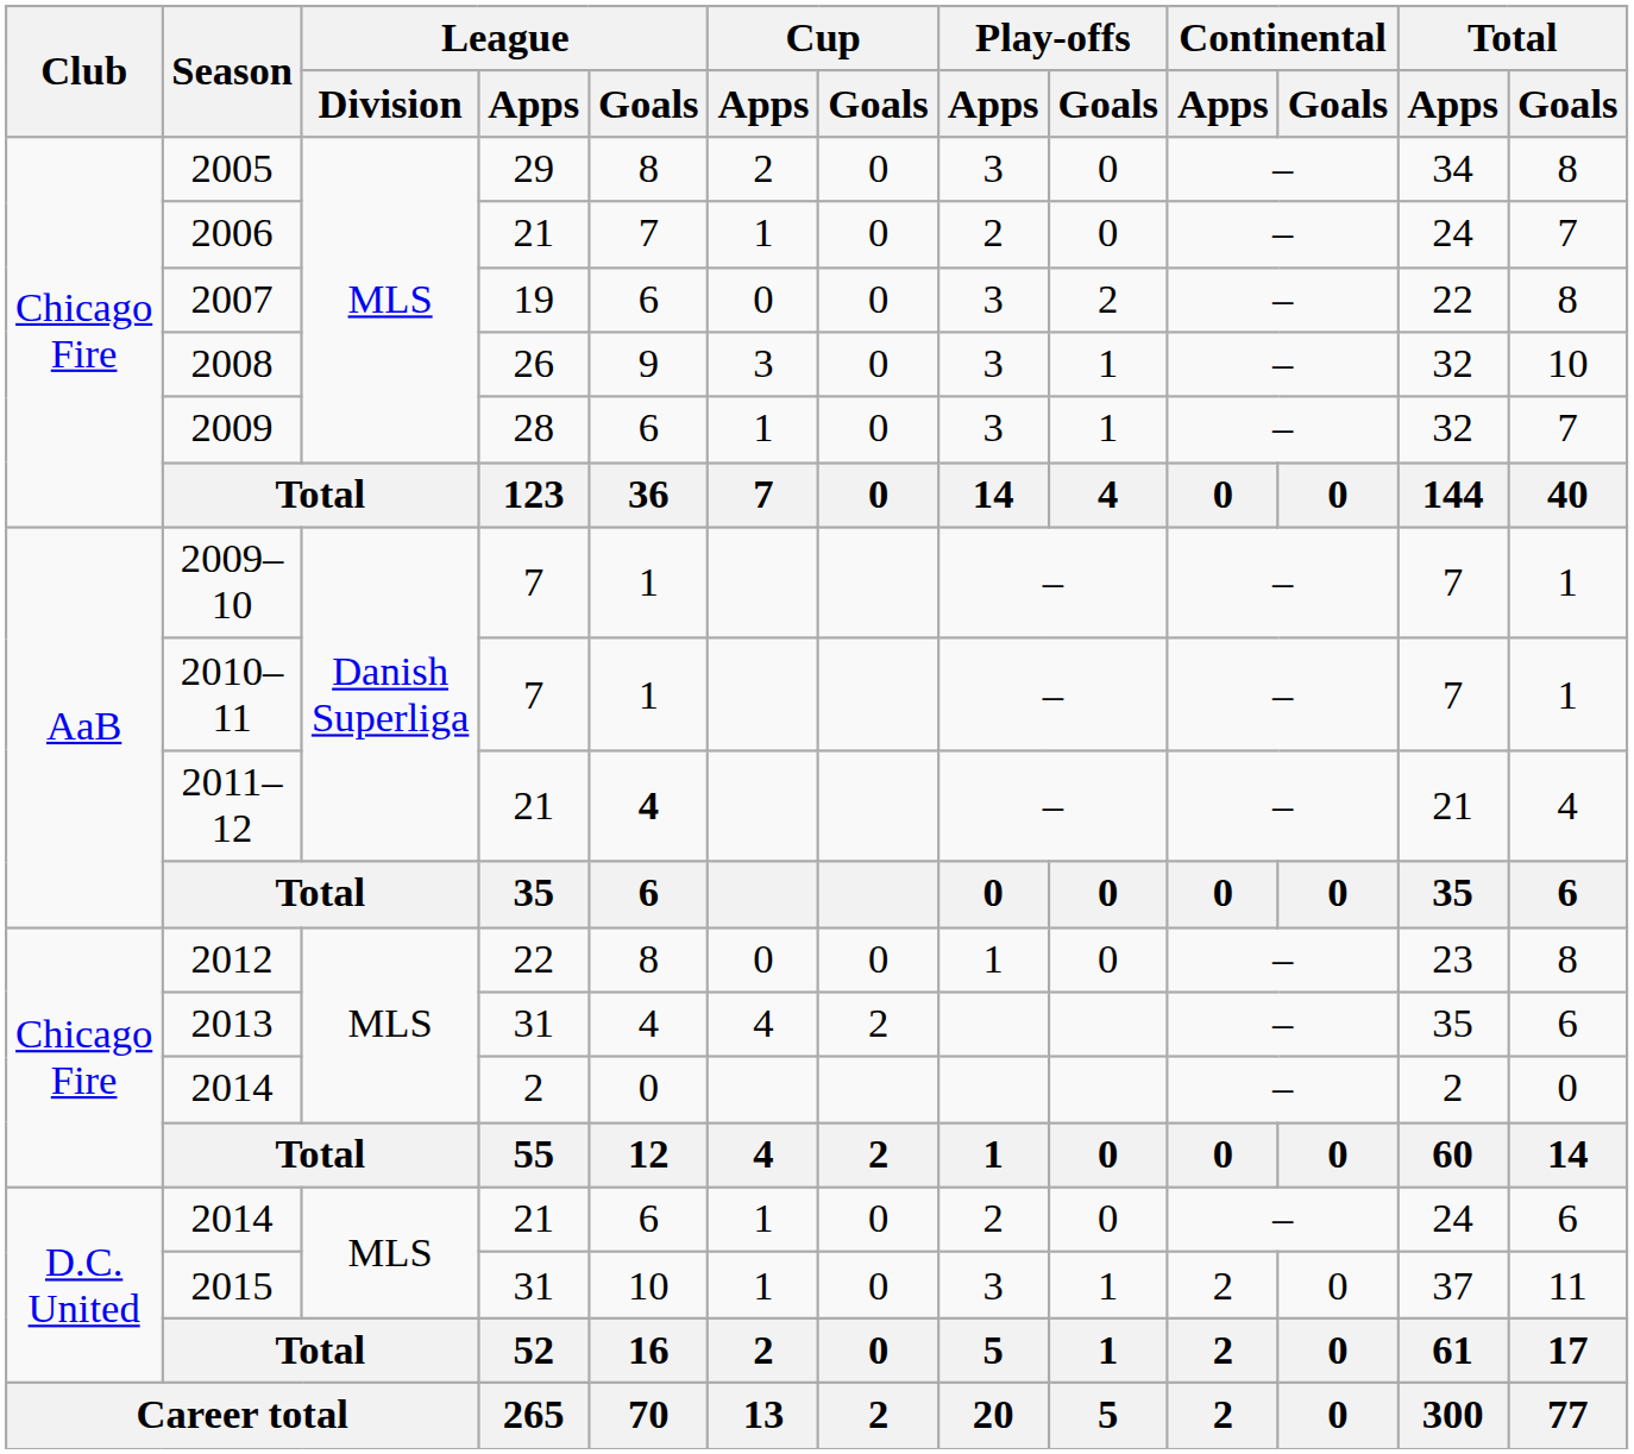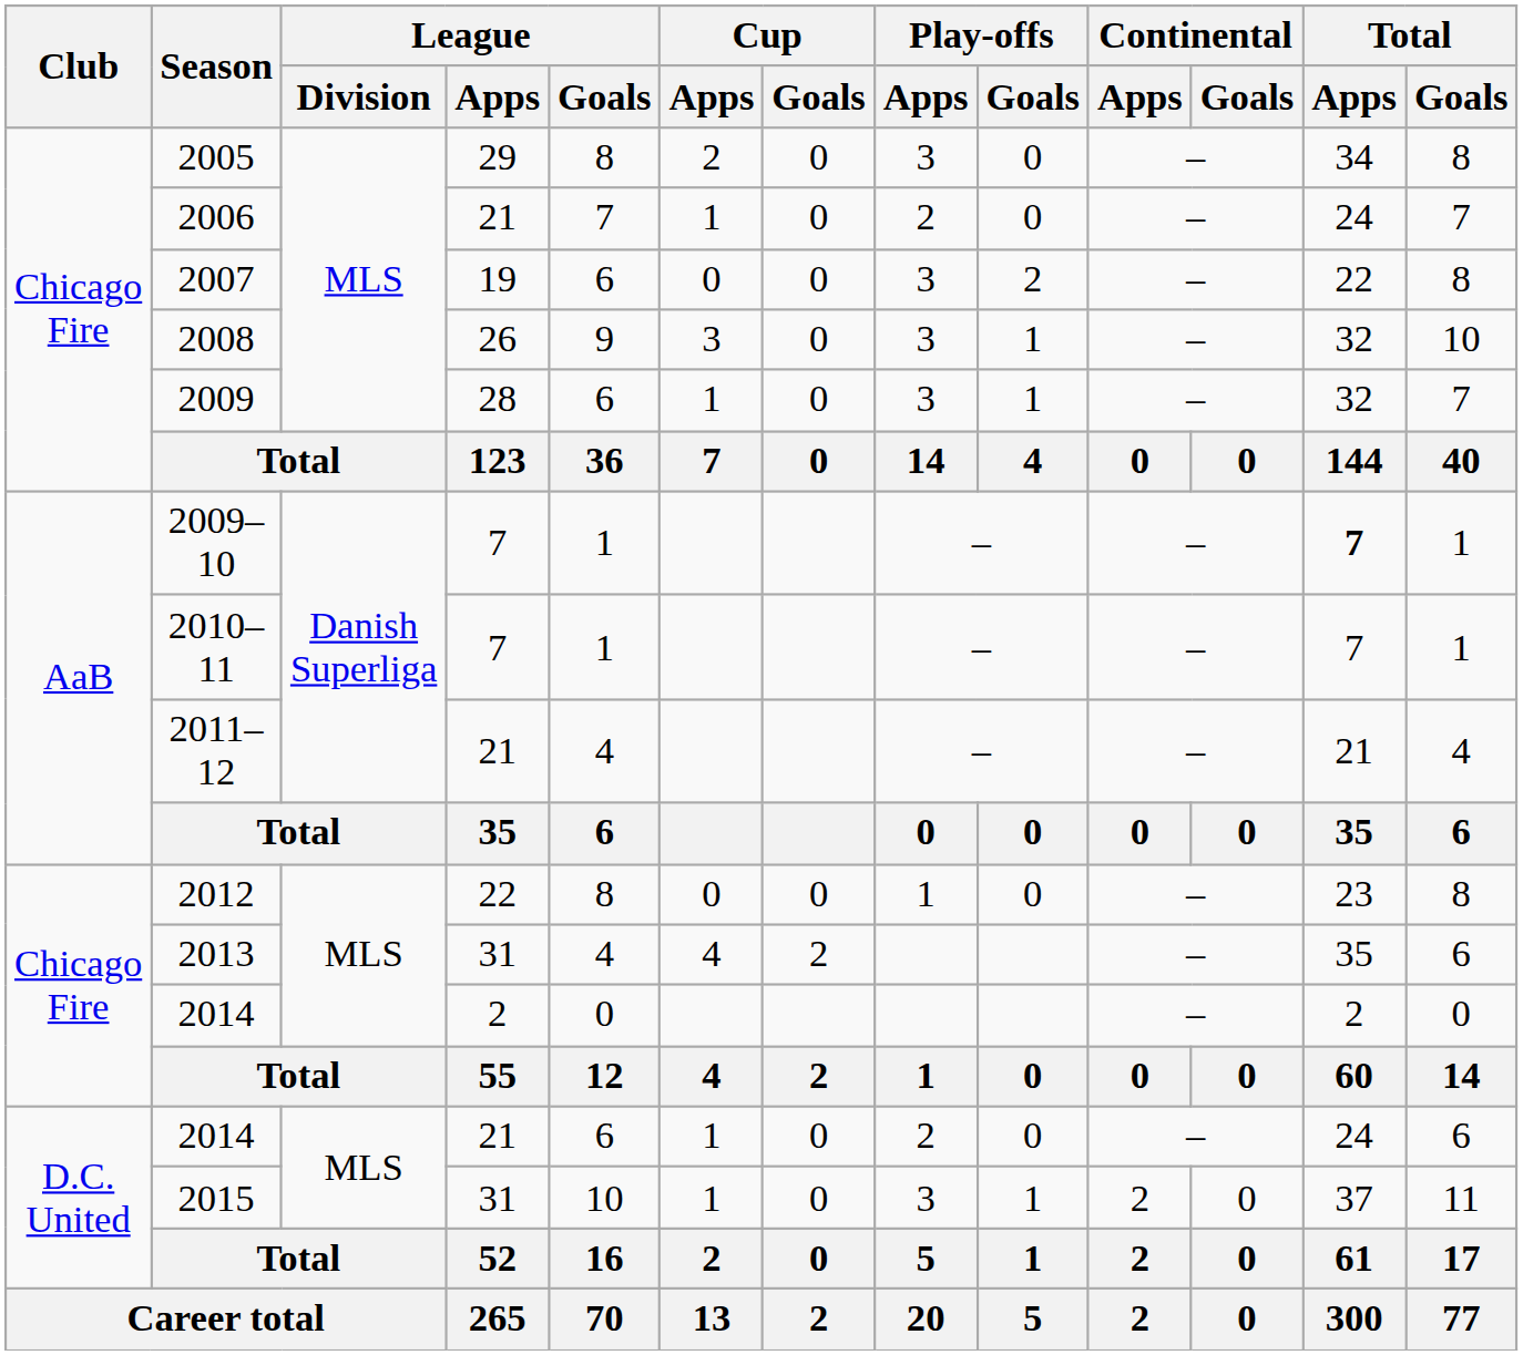 <table class="wikitable" style="text-align:center">
 <tr>
 <th rowspan="2">Club</th>
 <th rowspan="2">Season</th>
 <th colspan="3">League</th>
 <th colspan="2">Cup</th>
 <th colspan="2">Play-offs</th>
 <th colspan="2">Continental</th>
 <th colspan="2">Total</th>
 </tr>
 <tr>
 <th>Division</th>
 <th>Apps</th>
 <th>Goals</th>
 <th>Apps</th>
 <th>Goals</th>
 <th>Apps</th>
 <th>Goals</th>
 <th>Apps</th>
 <th>Goals</th>
 <th>Apps</th>
 <th>Goals</th>
 </tr>
 <tr>
 <td rowspan="6"><a href='#'>Chicago Fire</a></td>
 <td>2005</td>
 <td rowspan="5"><a href='#'>MLS</a></td>
 <td>29</td>
 <td>8</td>
 <td>2</td>
 <td>0</td>
 <td>3</td>
 <td>0</td>
 <td colspan="2">–</td>
 <td>34</td>
 <td>8</td>
 </tr>
 <tr>
 <td>2006</td>
 <td>21</td>
 <td>7</td>
 <td>1</td>
 <td>0</td>
 <td>2</td>
 <td>0</td>
 <td colspan="2">–</td>
 <td>24</td>
 <td>7</td>
 </tr>
 <tr>
 <td>2007</td>
 <td>19</td>
 <td>6</td>
 <td>0</td>
 <td>0</td>
 <td>3</td>
 <td>2</td>
 <td colspan="2">–</td>
 <td>22</td>
 <td>8</td>
 </tr>
 <tr>
 <td>2008</td>
 <td>26</td>
 <td>9</td>
 <td>3</td>
 <td>0</td>
 <td>3</td>
 <td>1</td>
 <td colspan="2">–</td>
 <td>32</td>
 <td>10</td>
 </tr>
 <tr>
 <td>2009</td>
 <td>28</td>
 <td>6</td>
 <td>1</td>
 <td>0</td>
 <td>3</td>
 <td>1</td>
 <td colspan="2">–</td>
 <td>32</td>
 <td>7</td>
 </tr>
 <tr>
 <th colspan="2">Total</th>
 <th>123</th>
 <th>36</th>
 <th>7</th>
 <th>0</th>
 <th>14</th>
 <th>4</th>
 <th>0</th>
 <th>0</th>
 <th>144</th>
 <th>40</th>
 </tr>
 <tr>
 <td rowspan="4"><a href='#'>AaB</a></td>
 <td>2009–10</td>
 <td rowspan="3"><a href='#'>Danish Superliga</a></td>
 <td>7</td>
 <td>1</td>
 <td></td>
 <td></td>
 <td colspan="2">–</td>
 <td colspan="2">–</td>
-<td>7</td>
+<td><strong>7</strong></td>
 <td>1</td>
 </tr>
 <tr>
 <td>2010–11</td>
 <td>7</td>
 <td>1</td>
 <td></td>
 <td></td>
 <td colspan="2">–</td>
 <td colspan="2">–</td>
 <td>7</td>
 <td>1</td>
 </tr>
 <tr>
 <td>2011–12</td>
 <td>21</td>
-<td><strong>4</strong></td>
+<td>4</td>
 <td></td>
 <td></td>
 <td colspan="2">–</td>
 <td colspan="2">–</td>
 <td>21</td>
 <td>4</td>
 </tr>
 <tr>
 <th colspan="2">Total</th>
 <th>35</th>
 <th>6</th>
 <th></th>
 <th></th>
 <th>0</th>
 <th>0</th>
 <th>0</th>
 <th>0</th>
 <th>35</th>
 <th>6</th>
 </tr>
 <tr>
 <td rowspan="4"><a href='#'>Chicago Fire</a></td>
 <td>2012</td>
 <td rowspan="3">MLS</td>
 <td>22</td>
 <td>8</td>
 <td>0</td>
 <td>0</td>
 <td>1</td>
 <td>0</td>
 <td colspan="2">–</td>
 <td>23</td>
 <td>8</td>
 </tr>
 <tr>
 <td>2013</td>
 <td>31</td>
 <td>4</td>
 <td>4</td>
 <td>2</td>
 <td></td>
 <td></td>
 <td colspan="2">–</td>
 <td>35</td>
 <td>6</td>
 </tr>
 <tr>
 <td>2014</td>
 <td>2</td>
 <td>0</td>
 <td></td>
 <td></td>
 <td></td>
 <td></td>
 <td colspan="2">–</td>
 <td>2</td>
 <td>0</td>
 </tr>
 <tr>
 <th colspan="2">Total</th>
 <th>55</th>
 <th>12</th>
 <th>4</th>
 <th>2</th>
 <th>1</th>
 <th>0</th>
 <th>0</th>
 <th>0</th>
 <th>60</th>
 <th>14</th>
 </tr>
 <tr>
 <td rowspan="3"><a href='#'>D.C. United</a></td>
 <td>2014</td>
 <td rowspan="2">MLS</td>
 <td>21</td>
 <td>6</td>
 <td>1</td>
 <td>0</td>
 <td>2</td>
 <td>0</td>
 <td colspan="2">–</td>
 <td>24</td>
 <td>6</td>
 </tr>
 <tr>
 <td>2015</td>
 <td>31</td>
 <td>10</td>
 <td>1</td>
 <td>0</td>
 <td>3</td>
 <td>1</td>
 <td>2</td>
 <td>0</td>
 <td>37</td>
 <td>11</td>
 </tr>
 <tr>
 <th colspan="2">Total</th>
 <th>52</th>
 <th>16</th>
 <th>2</th>
 <th>0</th>
 <th>5</th>
 <th>1</th>
 <th>2</th>
 <th>0</th>
 <th>61</th>
 <th>17</th>
 </tr>
 <tr>
 <th colspan="3">Career total</th>
 <th>265</th>
 <th>70</th>
 <th>13</th>
 <th>2</th>
 <th>20</th>
 <th>5</th>
 <th>2</th>
 <th>0</th>
 <th>300</th>
 <th>77</th>
 </tr>
 </table>
